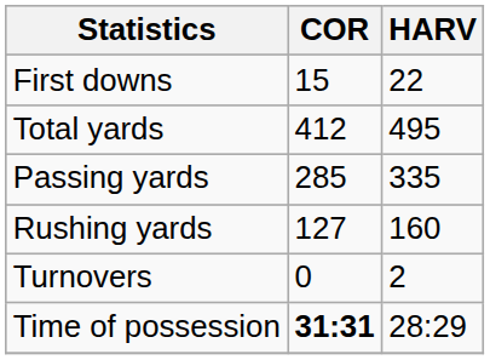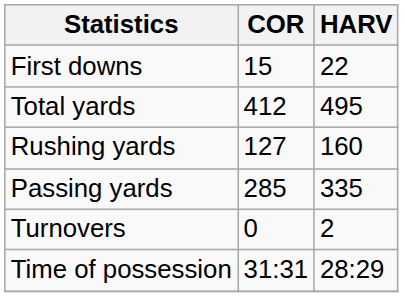 <table class="wikitable">
 <tr>
 <th>Statistics</th>
 <th>COR</th>
 <th>HARV</th>
 </tr>
 <tr>
 <td>First downs</td>
 <td>15</td>
 <td>22</td>
 </tr>
 <tr>
 <td>Total yards</td>
 <td>412</td>
 <td>495</td>
 </tr>
 <tr>
+<td>Rushing yards</td>
+<td>127</td>
+<td>160</td>
+</tr>
+<tr>
 <td>Passing yards</td>
 <td>285</td>
 <td>335</td>
-</tr>
-<tr>
-<td>Rushing yards</td>
-<td>127</td>
-<td>160</td>
 </tr>
 <tr>
 <td>Turnovers</td>
 <td>0</td>
 <td>2</td>
 </tr>
 <tr>
 <td>Time of possession</td>
-<td><strong>31:31</strong></td>
+<td>31:31</td>
 <td>28:29</td>
 </tr>
 <tr>
 </tr>
 </table>
